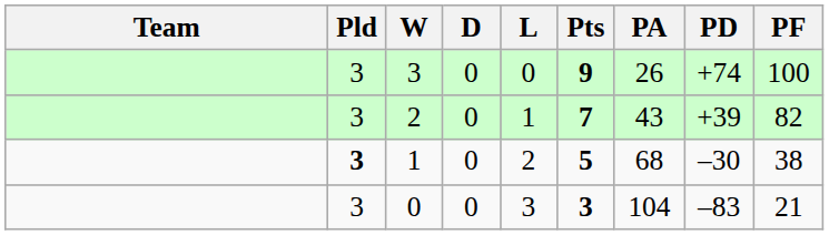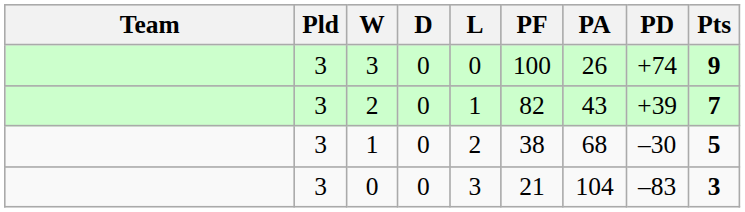 <table class="wikitable" style="text-align:center;">
 <tr>
 <th width=175>Team</th>
 <th width=25 abbr="Played">Pld</th>
 <th width=25 abbr="Won">W</th>
 <th width=25 abbr="Drawn">D</th>
 <th width=25 abbr="Lost">L</th>
-<th width=25 abbr="Points">Pts</th>
+<th width=32 abbr="Points for">PF</th>
 <th width=32 abbr="Points against">PA</th>
 <th width=32 abbr="Points difference">PD</th>
-<th width=32 abbr="Points for">PF</th>
+<th width=25 abbr="Points">Pts</th>
 </tr>
 <tr bgcolor=ccffcc>
 <td align=left></td>
 <td>3</td>
 <td>3</td>
 <td>0</td>
 <td>0</td>
-<td><strong>9</strong></td>
+<td>100</td>
 <td>26</td>
 <td>+74</td>
-<td>100</td>
+<td><strong>9</strong></td>
 </tr>
 <tr bgcolor=ccffcc>
 <td align=left></td>
 <td>3</td>
 <td>2</td>
 <td>0</td>
 <td>1</td>
-<td><strong>7</strong></td>
+<td>82</td>
 <td>43</td>
 <td>+39</td>
-<td>82</td>
+<td><strong>7</strong></td>
 </tr>
 <tr>
 <td align=left></td>
-<td><strong>3</strong></td>
+<td>3</td>
 <td>1</td>
 <td>0</td>
 <td>2</td>
-<td><strong>5</strong></td>
+<td>38</td>
 <td>68</td>
 <td>–30</td>
-<td>38</td>
+<td><strong>5</strong></td>
 </tr>
 <tr>
 <td align=left></td>
 <td>3</td>
 <td>0</td>
 <td>0</td>
 <td>3</td>
-<td><strong>3</strong></td>
+<td>21</td>
 <td>104</td>
 <td>–83</td>
-<td>21</td>
+<td><strong>3</strong></td>
 </tr>
 </table>
